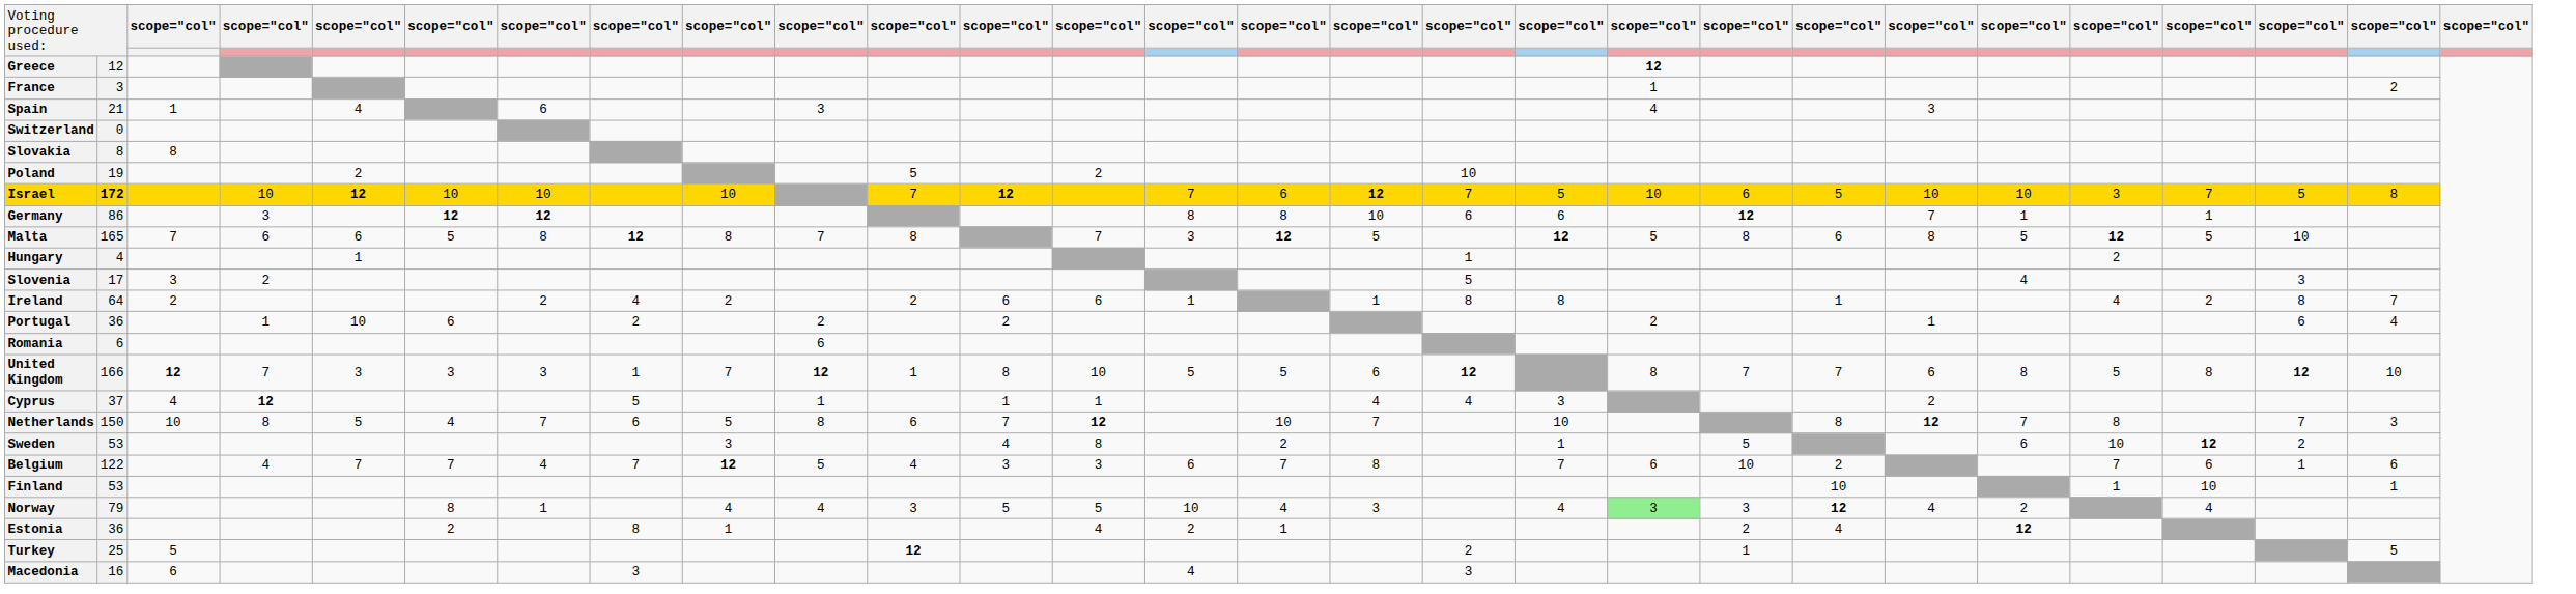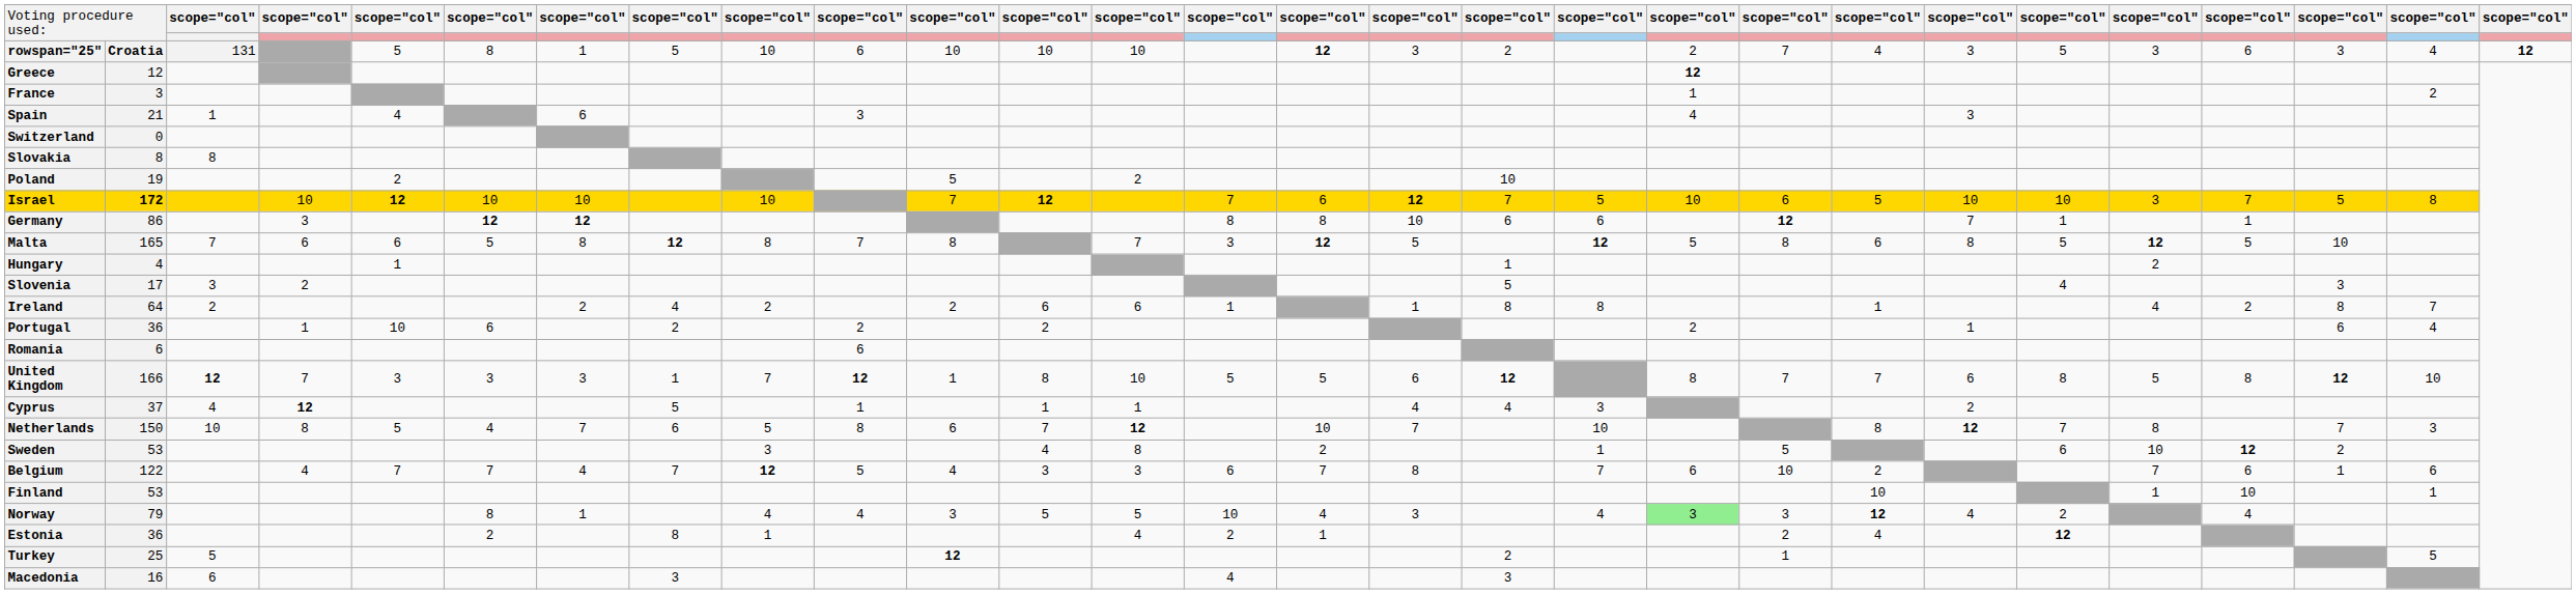 <table class="wikitable plainrowheaders" style="text-align:center;">
 <tr>
 </tr>
 <tr>
 <td colspan="2" rowspan="2" style="text-align:left; background:#F2F2F2">Voting procedure used:<br></td>
 <th>scope="col" </th>
 <th>scope="col" </th>
 <th>scope="col" </th>
 <th>scope="col" </th>
 <th>scope="col" </th>
 <th>scope="col" </th>
 <th>scope="col" </th>
 <th>scope="col" </th>
 <th>scope="col" </th>
 <th>scope="col" </th>
 <th>scope="col" </th>
 <th>scope="col" </th>
 <th>scope="col" </th>
 <th>scope="col" </th>
 <th>scope="col" </th>
 <th>scope="col" </th>
 <th>scope="col" </th>
 <th>scope="col" </th>
 <th>scope="col" </th>
 <th>scope="col" </th>
 <th>scope="col" </th>
 <th>scope="col" </th>
 <th>scope="col" </th>
 <th>scope="col" </th>
 <th>scope="col" </th>
 <th>scope="col" </th>
 </tr>
 <tr>
 <th style="height:2px; border-top:1px solid transparent;"></th>
 <td style="background:#EFA4A9;"></td>
 <td style="background:#EFA4A9;"></td>
 <td style="background:#EFA4A9;"></td>
 <td style="background:#EFA4A9;"></td>
 <td style="background:#EFA4A9;"></td>
 <td style="background:#EFA4A9;"></td>
 <td style="background:#EFA4A9;"></td>
 <td style="background:#EFA4A9;"></td>
 <td style="background:#EFA4A9;"></td>
 <td style="background:#EFA4A9;"></td>
 <td style="background:#A4D1EF;"></td>
 <td style="background:#EFA4A9;"></td>
 <td style="background:#EFA4A9;"></td>
 <td style="background:#EFA4A9;"></td>
 <td style="background:#A4D1EF;"></td>
 <td style="background:#EFA4A9;"></td>
 <td style="background:#EFA4A9;"></td>
 <td style="background:#EFA4A9;"></td>
 <td style="background:#EFA4A9;"></td>
 <td style="background:#EFA4A9;"></td>
 <td style="background:#EFA4A9;"></td>
 <td style="background:#EFA4A9;"></td>
 <td style="background:#EFA4A9;"></td>
 <td style="background:#A4D1EF;"></td>
 <td style="background:#EFA4A9;"></td>
+</tr>
+<tr>
+<th>rowspan="25" </th>
+<th scope="row" style="text-align:left; background:#f2f2f2;">Croatia</th>
+<td style="text-align:right; background:#f2f2f2;">131</td>
+<td style="text-align:left; background:#aaa;"></td>
+<td>5</td>
+<td>8</td>
+<td>1</td>
+<td>5</td>
+<td>10</td>
+<td>6</td>
+<td>10</td>
+<td>10</td>
+<td>10</td>
+<td></td>
+<td><strong>12</strong></td>
+<td>3</td>
+<td>2</td>
+<td></td>
+<td>2</td>
+<td>7</td>
+<td>4</td>
+<td>3</td>
+<td>5</td>
+<td>3</td>
+<td>6</td>
+<td>3</td>
+<td>4</td>
+<td><strong>12</strong></td>
 </tr>
 <tr>
 <th scope="row" style="text-align:left; background:#f2f2f2;">Greece</th>
 <td style="text-align:right; background:#f2f2f2;">12</td>
 <td></td>
 <td style="text-align:left; background:#aaa;"></td>
 <td></td>
 <td></td>
 <td></td>
 <td></td>
 <td></td>
 <td></td>
 <td></td>
 <td></td>
 <td></td>
 <td></td>
 <td></td>
 <td></td>
 <td></td>
 <td></td>
 <td><strong>12</strong></td>
 <td></td>
 <td></td>
 <td></td>
 <td></td>
 <td></td>
 <td></td>
 <td></td>
 <td></td>
 </tr>
 <tr>
 <th scope="row" style="text-align:left; background:#f2f2f2;">France</th>
 <td style="text-align:right; background:#f2f2f2;">3</td>
 <td></td>
 <td></td>
 <td style="text-align:left; background:#aaa;"></td>
 <td></td>
 <td></td>
 <td></td>
 <td></td>
 <td></td>
 <td></td>
 <td></td>
 <td></td>
 <td></td>
 <td></td>
 <td></td>
 <td></td>
 <td></td>
 <td>1</td>
 <td></td>
 <td></td>
 <td></td>
 <td></td>
 <td></td>
 <td></td>
 <td></td>
 <td>2</td>
 </tr>
 <tr>
 <th scope="row" style="text-align:left; background:#f2f2f2;">Spain</th>
 <td style="text-align:right; background:#f2f2f2;">21</td>
 <td>1</td>
 <td></td>
 <td>4</td>
 <td style="text-align:left; background:#aaa;"></td>
 <td>6</td>
 <td></td>
 <td></td>
 <td>3</td>
 <td></td>
 <td></td>
 <td></td>
 <td></td>
 <td></td>
 <td></td>
 <td></td>
 <td></td>
 <td>4</td>
 <td></td>
 <td></td>
 <td>3</td>
 <td></td>
 <td></td>
 <td></td>
 <td></td>
 <td></td>
 </tr>
 <tr>
 <th scope="row" style="text-align:left; background:#f2f2f2;">Switzerland</th>
 <td style="text-align:right; background:#f2f2f2;">0</td>
 <td></td>
 <td></td>
 <td></td>
 <td></td>
 <td style="text-align:left; background:#aaa;"></td>
 <td></td>
 <td></td>
 <td></td>
 <td></td>
 <td></td>
 <td></td>
 <td></td>
 <td></td>
 <td></td>
 <td></td>
 <td></td>
 <td></td>
 <td></td>
 <td></td>
 <td></td>
 <td></td>
 <td></td>
 <td></td>
 <td></td>
 <td></td>
 </tr>
 <tr>
 <th scope="row" style="text-align:left; background:#f2f2f2;">Slovakia</th>
 <td style="text-align:right; background:#f2f2f2;">8</td>
 <td>8</td>
 <td></td>
 <td></td>
 <td></td>
 <td></td>
 <td style="text-align:left; background:#aaa;"></td>
 <td></td>
 <td></td>
 <td></td>
 <td></td>
 <td></td>
 <td></td>
 <td></td>
 <td></td>
 <td></td>
 <td></td>
 <td></td>
 <td></td>
 <td></td>
 <td></td>
 <td></td>
 <td></td>
 <td></td>
 <td></td>
 <td></td>
 </tr>
 <tr>
 <th scope="row" style="text-align:left; background:#f2f2f2;">Poland</th>
 <td style="text-align:right; background:#f2f2f2;">19</td>
 <td></td>
 <td></td>
 <td>2</td>
 <td></td>
 <td></td>
 <td></td>
 <td style="text-align:left; background:#aaa;"></td>
 <td></td>
 <td>5</td>
 <td></td>
 <td>2</td>
 <td></td>
 <td></td>
 <td></td>
 <td>10</td>
 <td></td>
 <td></td>
 <td></td>
 <td></td>
 <td></td>
 <td></td>
 <td></td>
 <td></td>
 <td></td>
 <td></td>
 </tr>
 <tr style="background:gold;">
 <th scope="row" style="text-align:left; font-weight:bold; background:gold;">Israel</th>
 <td style="text-align:right; font-weight:bold;">172</td>
 <td></td>
 <td>10</td>
 <td><strong>12</strong></td>
 <td>10</td>
 <td>10</td>
 <td></td>
 <td>10</td>
 <td style="text-align:left; background:#aaa;"></td>
 <td>7</td>
 <td><strong>12</strong></td>
 <td></td>
 <td>7</td>
 <td>6</td>
 <td><strong>12</strong></td>
 <td>7</td>
 <td>5</td>
 <td>10</td>
 <td>6</td>
 <td>5</td>
 <td>10</td>
 <td>10</td>
 <td>3</td>
 <td>7</td>
 <td>5</td>
 <td>8</td>
 </tr>
 <tr>
 <th scope="row" style="text-align:left; background:#f2f2f2;">Germany</th>
 <td style="text-align:right; background:#f2f2f2;">86</td>
 <td></td>
 <td>3</td>
 <td></td>
 <td><strong>12</strong></td>
 <td><strong>12</strong></td>
 <td></td>
 <td></td>
 <td></td>
 <td style="text-align:left; background:#aaa;"></td>
 <td></td>
 <td></td>
 <td>8</td>
 <td>8</td>
 <td>10</td>
 <td>6</td>
 <td>6</td>
 <td></td>
 <td><strong>12</strong></td>
 <td></td>
 <td>7</td>
 <td>1</td>
 <td></td>
 <td>1</td>
 <td></td>
 <td></td>
 </tr>
 <tr>
 <th scope="row" style="text-align:left; background:#f2f2f2;">Malta</th>
 <td style="text-align:right; background:#f2f2f2;">165</td>
 <td>7</td>
 <td>6</td>
 <td>6</td>
 <td>5</td>
 <td>8</td>
 <td><strong>12</strong></td>
 <td>8</td>
 <td>7</td>
 <td>8</td>
 <td style="text-align:left; background:#aaa;"></td>
 <td>7</td>
 <td>3</td>
 <td><strong>12</strong></td>
 <td>5</td>
 <td></td>
 <td><strong>12</strong></td>
 <td>5</td>
 <td>8</td>
 <td>6</td>
 <td>8</td>
 <td>5</td>
 <td><strong>12</strong></td>
 <td>5</td>
 <td>10</td>
 <td></td>
 </tr>
 <tr>
 <th scope="row" style="text-align:left; background:#f2f2f2;">Hungary</th>
 <td style="text-align:right; background:#f2f2f2;">4</td>
 <td></td>
 <td></td>
 <td>1</td>
 <td></td>
 <td></td>
 <td></td>
 <td></td>
 <td></td>
 <td></td>
 <td></td>
 <td style="text-align:left; background:#aaa;"></td>
 <td></td>
 <td></td>
 <td></td>
 <td>1</td>
 <td></td>
 <td></td>
 <td></td>
 <td></td>
 <td></td>
 <td></td>
 <td>2</td>
 <td></td>
 <td></td>
 <td></td>
 </tr>
 <tr>
 <th scope="row" style="text-align:left; background:#f2f2f2;">Slovenia</th>
 <td style="text-align:right; background:#f2f2f2;">17</td>
 <td>3</td>
 <td>2</td>
 <td></td>
 <td></td>
 <td></td>
 <td></td>
 <td></td>
 <td></td>
 <td></td>
 <td></td>
 <td></td>
 <td style="text-align:left; background:#aaa;"></td>
 <td></td>
 <td></td>
 <td>5</td>
 <td></td>
 <td></td>
 <td></td>
 <td></td>
 <td></td>
 <td>4</td>
 <td></td>
 <td></td>
 <td>3</td>
 <td></td>
 </tr>
 <tr>
 <th scope="row" style="text-align:left; background:#f2f2f2;">Ireland</th>
 <td style="text-align:right; background:#f2f2f2;">64</td>
 <td>2</td>
 <td></td>
 <td></td>
 <td></td>
 <td>2</td>
 <td>4</td>
 <td>2</td>
 <td></td>
 <td>2</td>
 <td>6</td>
 <td>6</td>
 <td>1</td>
 <td style="text-align:left; background:#aaa;"></td>
 <td>1</td>
 <td>8</td>
 <td>8</td>
 <td></td>
 <td></td>
 <td>1</td>
 <td></td>
 <td></td>
 <td>4</td>
 <td>2</td>
 <td>8</td>
 <td>7</td>
 </tr>
 <tr>
 <th scope="row" style="text-align:left; background:#f2f2f2;">Portugal</th>
 <td style="text-align:right; background:#f2f2f2;">36</td>
 <td></td>
 <td>1</td>
 <td>10</td>
 <td>6</td>
 <td></td>
 <td>2</td>
 <td></td>
 <td>2</td>
 <td></td>
 <td>2</td>
 <td></td>
 <td></td>
 <td></td>
 <td style="text-align:left; background:#aaa;"></td>
 <td></td>
 <td></td>
 <td>2</td>
 <td></td>
 <td></td>
 <td>1</td>
 <td></td>
 <td></td>
 <td></td>
 <td>6</td>
 <td>4</td>
 </tr>
 <tr>
 <th scope="row" style="text-align:left; background:#f2f2f2;">Romania</th>
 <td style="text-align:right; background:#f2f2f2;">6</td>
 <td></td>
 <td></td>
 <td></td>
 <td></td>
 <td></td>
 <td></td>
 <td></td>
 <td>6</td>
 <td></td>
 <td></td>
 <td></td>
 <td></td>
 <td></td>
 <td></td>
 <td style="text-align:left; background:#aaa;"></td>
 <td></td>
 <td></td>
 <td></td>
 <td></td>
 <td></td>
 <td></td>
 <td></td>
 <td></td>
 <td></td>
 <td></td>
 </tr>
 <tr>
 <th scope="row" style="text-align:left; background:#f2f2f2;">United Kingdom</th>
 <td style="text-align:right; background:#f2f2f2;">166</td>
 <td><strong>12</strong></td>
 <td>7</td>
 <td>3</td>
 <td>3</td>
 <td>3</td>
 <td>1</td>
 <td>7</td>
 <td><strong>12</strong></td>
 <td>1</td>
 <td>8</td>
 <td>10</td>
 <td>5</td>
 <td>5</td>
 <td>6</td>
 <td><strong>12</strong></td>
 <td style="text-align:left; background:#aaa;"></td>
 <td>8</td>
 <td>7</td>
 <td>7</td>
 <td>6</td>
 <td>8</td>
 <td>5</td>
 <td>8</td>
 <td><strong>12</strong></td>
 <td>10</td>
 </tr>
 <tr>
 <th scope="row" style="text-align:left; background:#f2f2f2;">Cyprus</th>
 <td style="text-align:right; background:#f2f2f2;">37</td>
 <td>4</td>
 <td><strong>12</strong></td>
 <td></td>
 <td></td>
 <td></td>
 <td>5</td>
 <td></td>
 <td>1</td>
 <td></td>
 <td>1</td>
 <td>1</td>
 <td></td>
 <td></td>
 <td>4</td>
 <td>4</td>
 <td>3</td>
 <td style="text-align:left; background:#aaa;"></td>
 <td></td>
 <td></td>
 <td>2</td>
 <td></td>
 <td></td>
 <td></td>
 <td></td>
 <td></td>
 </tr>
 <tr>
 <th scope="row" style="text-align:left; background:#f2f2f2;">Netherlands</th>
 <td style="text-align:right; background:#f2f2f2;">150</td>
 <td>10</td>
 <td>8</td>
 <td>5</td>
 <td>4</td>
 <td>7</td>
 <td>6</td>
 <td>5</td>
 <td>8</td>
 <td>6</td>
 <td>7</td>
 <td><strong>12</strong></td>
 <td></td>
 <td>10</td>
 <td>7</td>
 <td></td>
 <td>10</td>
 <td></td>
 <td style="text-align:left; background:#aaa;"></td>
 <td>8</td>
 <td><strong>12</strong></td>
 <td>7</td>
 <td>8</td>
 <td></td>
 <td>7</td>
 <td>3</td>
 </tr>
 <tr>
 <th scope="row" style="text-align:left; background:#f2f2f2;">Sweden</th>
 <td style="text-align:right; background:#f2f2f2;">53</td>
 <td></td>
 <td></td>
 <td></td>
 <td></td>
 <td></td>
 <td></td>
 <td>3</td>
 <td></td>
 <td></td>
 <td>4</td>
 <td>8</td>
 <td></td>
 <td>2</td>
 <td></td>
 <td></td>
 <td>1</td>
 <td></td>
 <td>5</td>
 <td style="text-align:left; background:#aaa;"></td>
 <td></td>
 <td>6</td>
 <td>10</td>
 <td><strong>12</strong></td>
 <td>2</td>
 <td></td>
 </tr>
 <tr>
 <th scope="row" style="text-align:left; background:#f2f2f2;">Belgium</th>
 <td style="text-align:right; background:#f2f2f2;">122</td>
 <td></td>
 <td>4</td>
 <td>7</td>
 <td>7</td>
 <td>4</td>
 <td>7</td>
 <td><strong>12</strong></td>
 <td>5</td>
 <td>4</td>
 <td>3</td>
 <td>3</td>
 <td>6</td>
 <td>7</td>
 <td>8</td>
 <td></td>
 <td>7</td>
 <td>6</td>
 <td>10</td>
 <td>2</td>
 <td style="text-align:left; background:#aaa;"></td>
 <td></td>
 <td>7</td>
 <td>6</td>
 <td>1</td>
 <td>6</td>
 </tr>
 <tr>
 <th scope="row" style="text-align:left; background:#f2f2f2;">Finland</th>
 <td style="text-align:right; background:#f2f2f2;">53</td>
 <td></td>
 <td></td>
 <td></td>
 <td></td>
 <td></td>
 <td></td>
 <td></td>
 <td></td>
 <td></td>
 <td></td>
 <td></td>
 <td></td>
 <td></td>
 <td></td>
 <td></td>
 <td></td>
 <td></td>
 <td></td>
 <td>10</td>
 <td></td>
 <td style="text-align:left; background:#aaa;"></td>
 <td>1</td>
 <td>10</td>
 <td></td>
 <td>1</td>
 </tr>
 <tr>
 <th scope="row" style="text-align:left; background:#f2f2f2;">Norway</th>
 <td style="text-align:right; background:#f2f2f2;">79</td>
 <td></td>
 <td></td>
 <td></td>
 <td>8</td>
 <td>1</td>
 <td></td>
 <td>4</td>
 <td>4</td>
 <td>3</td>
 <td>5</td>
 <td>5</td>
 <td>10</td>
 <td>4</td>
 <td>3</td>
 <td></td>
 <td>4</td>
 <td style="background: lightgreen;">3</td>
 <td>3</td>
 <td><strong>12</strong></td>
 <td>4</td>
 <td>2</td>
 <td style="text-align:left; background:#aaa;"></td>
 <td>4</td>
 <td></td>
 <td></td>
 </tr>
 <tr>
 <th scope="row" style="text-align:left; background:#f2f2f2;">Estonia</th>
 <td style="text-align:right; background:#f2f2f2;">36</td>
 <td></td>
 <td></td>
 <td></td>
 <td>2</td>
 <td></td>
 <td>8</td>
 <td>1</td>
 <td></td>
 <td></td>
 <td></td>
 <td>4</td>
 <td>2</td>
 <td>1</td>
 <td></td>
 <td></td>
 <td></td>
 <td></td>
 <td>2</td>
 <td>4</td>
 <td></td>
 <td><strong>12</strong></td>
 <td></td>
 <td style="text-align:left; background:#aaa;"></td>
 <td></td>
 <td></td>
 </tr>
 <tr>
 <th scope="row" style="text-align:left; background:#f2f2f2;">Turkey</th>
 <td style="text-align:right; background:#f2f2f2;">25</td>
 <td>5</td>
 <td></td>
 <td></td>
 <td></td>
 <td></td>
 <td></td>
 <td></td>
 <td></td>
 <td><strong>12</strong></td>
 <td></td>
 <td></td>
 <td></td>
 <td></td>
 <td></td>
 <td>2</td>
 <td></td>
 <td></td>
 <td>1</td>
 <td></td>
 <td></td>
 <td></td>
 <td></td>
 <td></td>
 <td style="text-align:left; background:#aaa;"></td>
 <td>5</td>
 </tr>
 <tr>
 <th scope="row" style="text-align:left; background:#f2f2f2;">Macedonia</th>
 <td style="text-align:right; background:#f2f2f2;">16</td>
 <td>6</td>
 <td></td>
 <td></td>
 <td></td>
 <td></td>
 <td>3</td>
 <td></td>
 <td></td>
 <td></td>
 <td></td>
 <td></td>
 <td>4</td>
 <td></td>
 <td></td>
 <td>3</td>
 <td></td>
 <td></td>
 <td></td>
 <td></td>
 <td></td>
 <td></td>
 <td></td>
 <td></td>
 <td></td>
 <td style="text-align:left; background:#aaa;"></td>
 </tr>
 </table>
